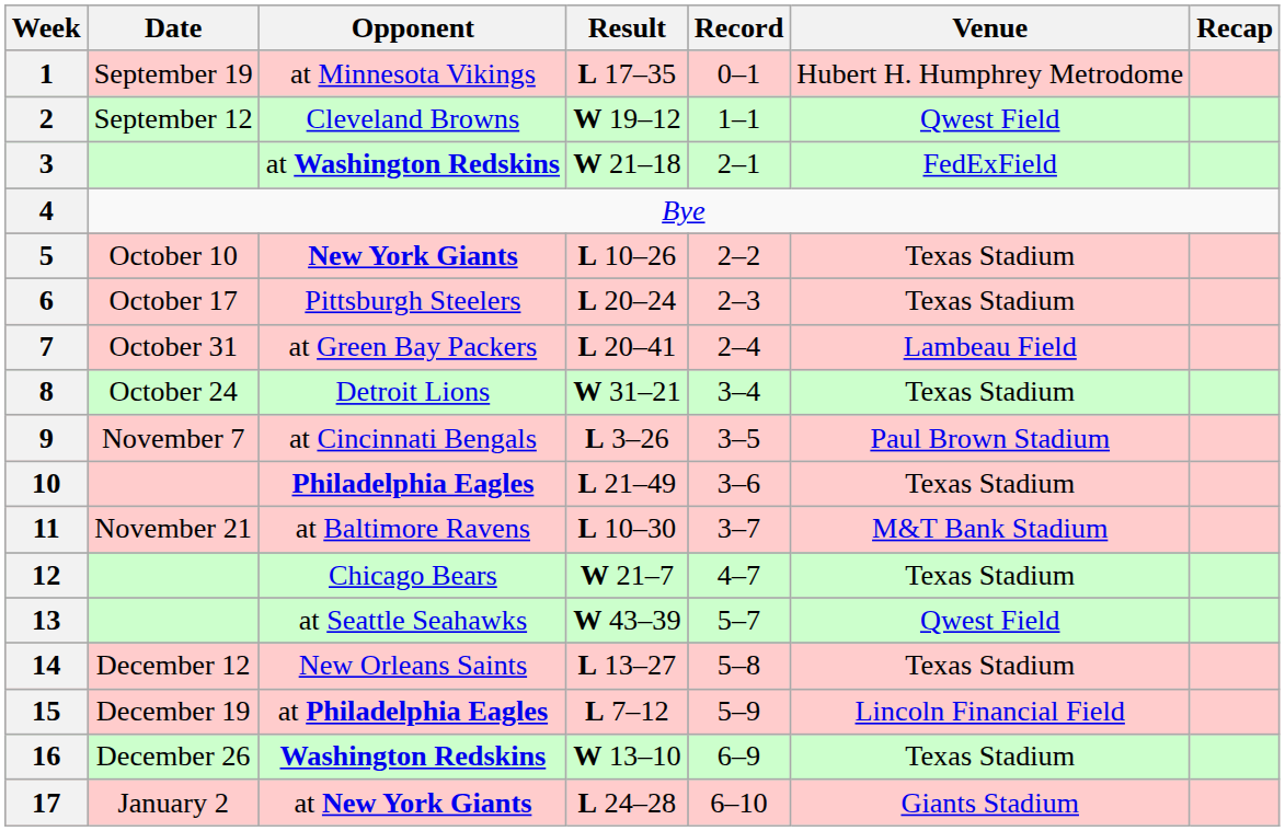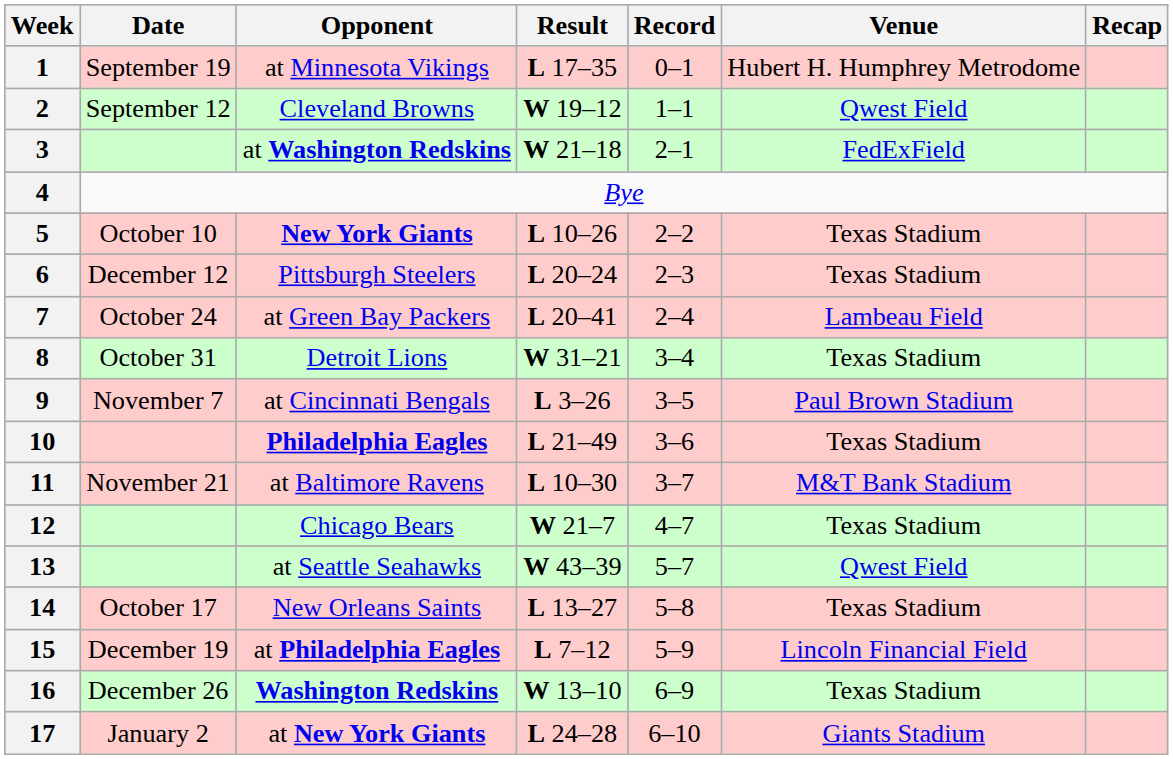 <table class="wikitable" style="text-align:center">
 <tr>
 <th>Week</th>
 <th>Date</th>
 <th>Opponent</th>
 <th>Result</th>
 <th>Record</th>
 <th>Venue</th>
 <th>Recap</th>
 </tr>
 <tr style="background: #fcc;">
 <th>1</th>
 <td>September 19</td>
 <td>at <a href='#'>Minnesota Vikings</a></td>
 <td><strong>L</strong> 17–35</td>
 <td>0–1</td>
 <td>Hubert H. Humphrey Metrodome</td>
 <td></td>
 </tr>
 <tr style="background: #cfc;">
 <th>2</th>
 <td>September 12</td>
 <td><a href='#'>Cleveland Browns</a></td>
 <td><strong>W</strong> 19–12</td>
 <td>1–1</td>
 <td><a href='#'>Qwest Field</a></td>
 <td></td>
 </tr>
 <tr style="background: #cfc;">
 <th>3</th>
 <td></td>
 <td>at <strong><a href='#'>Washington Redskins</a></strong></td>
 <td><strong>W</strong> 21–18</td>
 <td>2–1</td>
 <td><a href='#'>FedExField</a></td>
 <td></td>
 </tr>
 <tr>
 <th>4</th>
 <td colspan=6 align="center"><em><a href='#'>Bye</a></em></td>
 </tr>
 <tr style="background: #fcc;">
 <th>5</th>
 <td>October 10</td>
 <td><strong><a href='#'>New York Giants</a></strong></td>
 <td><strong>L</strong> 10–26</td>
 <td>2–2</td>
 <td>Texas Stadium</td>
 <td></td>
 </tr>
 <tr style="background: #fcc;">
 <th>6</th>
-<td>October 17</td>
+<td>December 12</td>
 <td><a href='#'>Pittsburgh Steelers</a></td>
 <td><strong>L</strong> 20–24</td>
 <td>2–3</td>
 <td>Texas Stadium</td>
 <td></td>
 </tr>
 <tr style="background: #fcc;">
 <th>7</th>
-<td>October 31</td>
+<td>October 24</td>
 <td>at <a href='#'>Green Bay Packers</a></td>
 <td><strong>L</strong> 20–41</td>
 <td>2–4</td>
 <td><a href='#'>Lambeau Field</a></td>
 <td></td>
 </tr>
 <tr style="background: #cfc;">
 <th>8</th>
-<td>October 24</td>
+<td>October 31</td>
 <td><a href='#'>Detroit Lions</a></td>
 <td><strong>W</strong> 31–21</td>
 <td>3–4</td>
 <td>Texas Stadium</td>
 <td></td>
 </tr>
 <tr style="background: #fcc;">
 <th>9</th>
 <td>November 7</td>
 <td>at <a href='#'>Cincinnati Bengals</a></td>
 <td><strong>L</strong> 3–26</td>
 <td>3–5</td>
 <td><a href='#'>Paul Brown Stadium</a></td>
 <td></td>
 </tr>
 <tr style="background: #fcc;">
 <th>10</th>
 <td></td>
 <td><strong><a href='#'>Philadelphia Eagles</a></strong></td>
 <td><strong>L</strong>  21–49</td>
 <td>3–6</td>
 <td>Texas Stadium</td>
 <td></td>
 </tr>
 <tr style="background: #fcc">
 <th>11</th>
 <td>November 21</td>
 <td>at <a href='#'>Baltimore Ravens</a></td>
 <td><strong>L</strong> 10–30</td>
 <td>3–7</td>
 <td><a href='#'>M&T Bank Stadium</a></td>
 <td></td>
 </tr>
 <tr style="background: #cfc;">
 <th>12</th>
 <td></td>
 <td><a href='#'>Chicago Bears</a></td>
 <td><strong>W</strong> 21–7</td>
 <td>4–7</td>
 <td>Texas Stadium</td>
 <td></td>
 </tr>
 <tr style="background: #cfc;">
 <th>13</th>
 <td></td>
 <td>at <a href='#'>Seattle Seahawks</a></td>
 <td><strong>W</strong> 43–39</td>
 <td>5–7</td>
 <td><a href='#'>Qwest Field</a></td>
 <td></td>
 </tr>
 <tr style="background: #fcc;">
 <th>14</th>
-<td>December 12</td>
+<td>October 17</td>
 <td><a href='#'>New Orleans Saints</a></td>
 <td><strong>L</strong> 13–27</td>
 <td>5–8</td>
 <td>Texas Stadium</td>
 <td></td>
 </tr>
 <tr style="background: #fcc;">
 <th>15</th>
 <td>December 19</td>
 <td>at <strong><a href='#'>Philadelphia Eagles</a></strong></td>
 <td><strong>L</strong> 7–12</td>
 <td>5–9</td>
 <td><a href='#'>Lincoln Financial Field</a></td>
 <td></td>
 </tr>
 <tr style="background: #cfc;">
 <th>16</th>
 <td>December 26</td>
 <td><strong><a href='#'>Washington Redskins</a></strong></td>
 <td><strong>W</strong> 13–10</td>
 <td>6–9</td>
 <td>Texas Stadium</td>
 <td></td>
 </tr>
 <tr style="background: #fcc;">
 <th>17</th>
 <td>January 2</td>
 <td>at <strong><a href='#'>New York Giants</a></strong></td>
 <td><strong>L</strong>  24–28</td>
 <td>6–10</td>
 <td><a href='#'>Giants Stadium</a></td>
 <td></td>
 </tr>
 </table>
